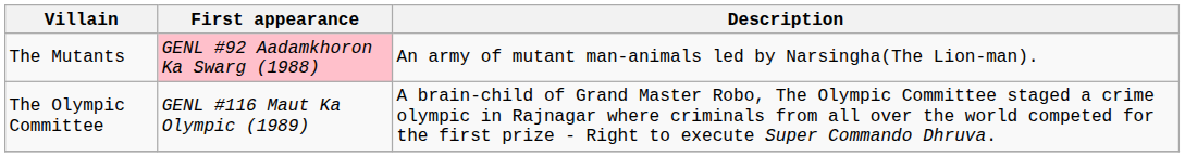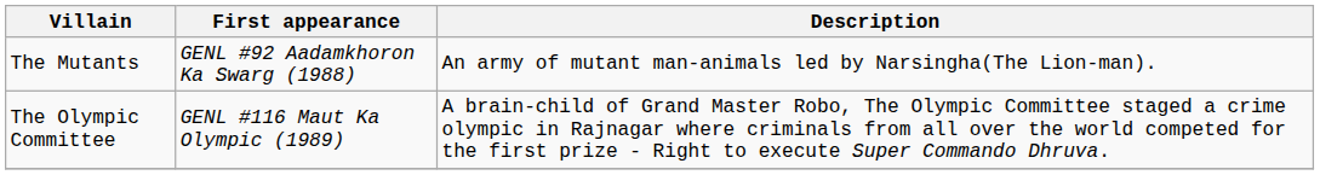 <table class="wikitable">
 <tr>
 <th style="width:13%;">Villain</th>
 <th style="width:20%;">First appearance</th>
 <th style="width:67%;">Description</th>
 </tr>
 <tr>
 <td>The Mutants</td>
-<td style="background: pink;"><em>GENL #92 Aadamkhoron Ka Swarg (1988)</em></td>
+<td><em>GENL #92 Aadamkhoron Ka Swarg (1988)</em></td>
 <td>An army of mutant man-animals led by Narsingha(The Lion-man).</td>
 </tr>
 <tr>
 <td>The Olympic Committee</td>
 <td><em>GENL #116 Maut Ka Olympic (1989)</em></td>
 <td>A brain-child of Grand Master Robo, The Olympic Committee staged a crime olympic in Rajnagar where criminals from all over the world competed for the first prize - Right to execute <em>Super Commando Dhruva</em>.</td>
 </tr>
 <tr>
 </tr>
 </table>
